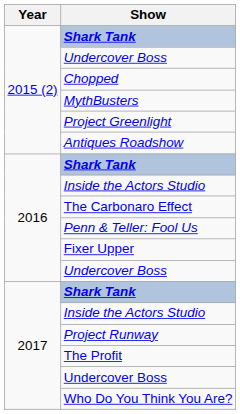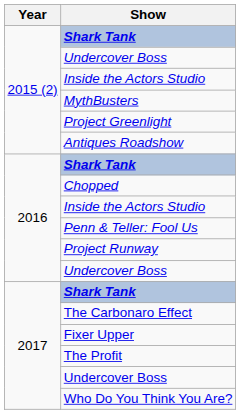 <table class="wikitable">
 <tr>
 <th><strong>Year</strong></th>
 <th><strong>Show</strong></th>
 </tr>
 <tr>
 <td rowspan="6" style="text-align:center;"><a href='#'>2015 (2)</a></td>
 <td style="background:#B0C4DE;"><strong><em><a href='#'>Shark Tank</a></em></strong></td>
 </tr>
 <tr>
 <td><em><a href='#'>Undercover Boss</a></em></td>
 </tr>
 <tr>
-<td><em><a href='#'>Chopped</a></em></td>
+<td><em><a href='#'>Inside the Actors Studio</a></em></td>
 </tr>
 <tr>
 <td><em><a href='#'>MythBusters</a></em></td>
 </tr>
 <tr>
 <td><em><a href='#'>Project Greenlight</a></em></td>
 </tr>
 <tr>
 <td><em><a href='#'>Antiques Roadshow</a></em></td>
 </tr>
 <tr>
 <td rowspan="6" style="text-align:center;">2016</td>
 <td style="background:#B0C4DE;"><strong><em><a href='#'>Shark Tank</a></em></strong></td>
 </tr>
 <tr>
-<td><em><a href='#'>Inside the Actors Studio</a></em></td>
+<td><em><a href='#'>Chopped</a></em></td>
 </tr>
 <tr>
-<td></em><a href='#'>The Carbonaro Effect</a><em></td>
+<td><em><a href='#'>Inside the Actors Studio</a></em></td>
 </tr>
 <tr>
 <td><em><a href='#'>Penn & Teller: Fool Us</a></em></td>
 </tr>
 <tr>
-<td></em><a href='#'>Fixer Upper</a><em></td>
+<td><em><a href='#'>Project Runway</a></em></td>
 </tr>
 <tr>
 <td><em><a href='#'>Undercover Boss</a></em></td>
 </tr>
 <tr>
 <td rowspan="6" style="text-align:center;">2017</td>
 <td style="background:#B0C4DE;"><strong><em><a href='#'>Shark Tank</a><em> <strong></td>
 </tr>
 <tr>
-<td><em><a href='#'>Inside the Actors Studio</a></em></td>
+<td></em><a href='#'>The Carbonaro Effect</a><em></td>
 </tr>
 <tr>
-<td><em><a href='#'>Project Runway</a></em></td>
+<td></em><a href='#'>Fixer Upper</a><em></td>
 </tr>
 <tr>
 <td></em><a href='#'>The Profit</a><em></td>
 </tr>
 <tr>
 <td></em><a href='#'>Undercover Boss</a><em></td>
 </tr>
 <tr>
 <td></em><a href='#'>Who Do You Think You Are?</a><em></td>
 </tr>
 </table>
